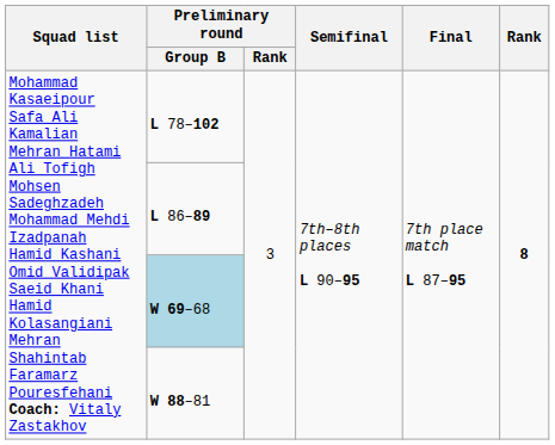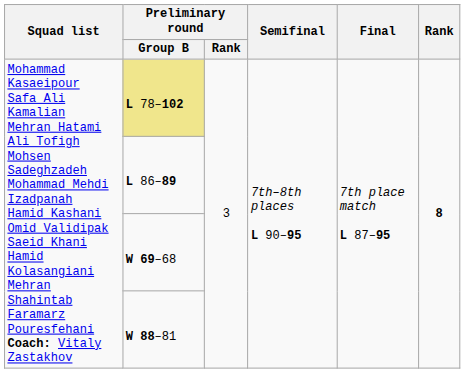 <table class="wikitable" width="71%" style="text-align:left; font-size:90%">
 <tr>
 <th rowspan="2" width="20%">Squad list</th>
 <th colspan="2">Preliminary round</th>
 <th rowspan="2" width="14%">Semifinal</th>
 <th rowspan="2" width="14%">Final</th>
 <th rowspan="2" width="5%">Rank</th>
 </tr>
 <tr>
 <th width="14%">Group B</th>
 <th width="5%">Rank</th>
 </tr>
 <tr>
 <td rowspan="4"><a href='#'>Mohammad Kasaeipour</a><br> <a href='#'>Safa Ali Kamalian</a><br><a href='#'>Mehran Hatami</a><br><a href='#'>Ali Tofigh</a><br><a href='#'>Mohsen Sadeghzadeh</a><br><a href='#'>Mohammad Mehdi Izadpanah</a><br><a href='#'>Hamid Kashani</a><br><a href='#'>Omid Validipak</a><br><a href='#'>Saeid Khani</a><br><a href='#'>Hamid Kolasangiani</a><br><a href='#'>Mehran Shahintab</a><br><a href='#'>Faramarz Pouresfehani</a><br><strong>Coach:</strong>  <a href='#'>Vitaly Zastakhov</a></td>
-<td><br><strong>L</strong> 78–<strong>102</strong></td>
+<td style="background: khaki;"><br><strong>L</strong> 78–<strong>102</strong></td>
 <td rowspan="4" align=center>3</td>
 <td rowspan="4"><em>7th–8th places</em><br><br><strong>L</strong> 90–<strong>95</strong></td>
 <td rowspan="4"><em>7th place match</em><br><br><strong>L</strong> 87–<strong>95</strong></td>
 <td rowspan="4" align="center"><strong>8</strong></td>
 </tr>
 <tr>
 <td><br><strong>L</strong> 86–<strong>89</strong></td>
 </tr>
 <tr>
-<td style="background: lightblue;"><br><strong>W</strong> <strong>69</strong>–68</td>
+<td><br><strong>W</strong> <strong>69</strong>–68</td>
 </tr>
 <tr>
 <td><br><strong>W</strong> <strong>88</strong>–81</td>
 </tr>
 </table>
